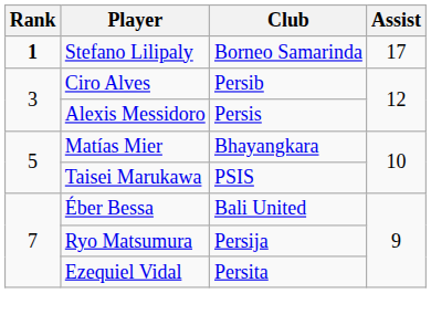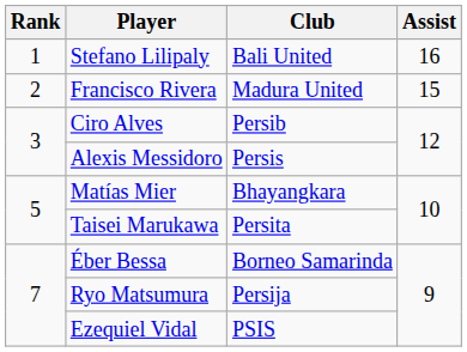 <table class="wikitable" style="text-align:center">
 <tr>
 <th>Rank</th>
 <th>Player</th>
 <th>Club</th>
 <th>Assist</th>
 </tr>
 <tr>
-<td><strong>1</strong></td>
+<td>1</td>
 <td align="left"> <a href='#'>Stefano Lilipaly</a></td>
-<td align="left"><a href='#'>Borneo Samarinda</a></td>
-<td>17</td>
+<td align="left"><a href='#'>Bali United</a></td>
+<td>16</td>
+</tr>
+<tr>
+<td>2</td>
+<td align="left"> <a href='#'>Francisco Rivera</a></td>
+<td align="left"><a href='#'>Madura United</a></td>
+<td>15</td>
 </tr>
 <tr>
 <td rowspan="2">3</td>
 <td align="left"> <a href='#'>Ciro Alves</a></td>
 <td align="left"><a href='#'>Persib</a></td>
 <td rowspan="2">12</td>
 </tr>
 <tr>
 <td align="left"> <a href='#'>Alexis Messidoro</a></td>
 <td align="left"><a href='#'>Persis</a></td>
 </tr>
 <tr>
 <td rowspan="2">5</td>
 <td align="left"> <a href='#'>Matías Mier</a></td>
 <td align="left"><a href='#'>Bhayangkara</a></td>
 <td rowspan="2">10</td>
 </tr>
 <tr>
 <td align="left"> <a href='#'>Taisei Marukawa</a></td>
-<td align="left"><a href='#'>PSIS</a></td>
+<td align="left"><a href='#'>Persita</a></td>
 </tr>
 <tr>
 <td rowspan="3">7</td>
 <td align="left"> <a href='#'>Éber Bessa</a></td>
-<td align="left"><a href='#'>Bali United</a></td>
+<td align="left"><a href='#'>Borneo Samarinda</a></td>
 <td rowspan="3">9</td>
 </tr>
 <tr>
 <td align="left"> <a href='#'>Ryo Matsumura</a></td>
 <td align="left"><a href='#'>Persija</a></td>
 </tr>
 <tr>
 <td align="left"> <a href='#'>Ezequiel Vidal</a></td>
-<td align="left"><a href='#'>Persita</a></td>
+<td align="left"><a href='#'>PSIS</a></td>
 </tr>
 </table>
